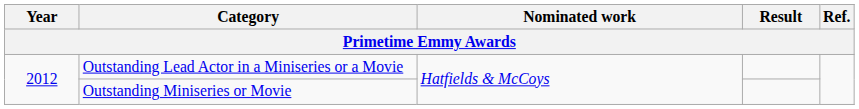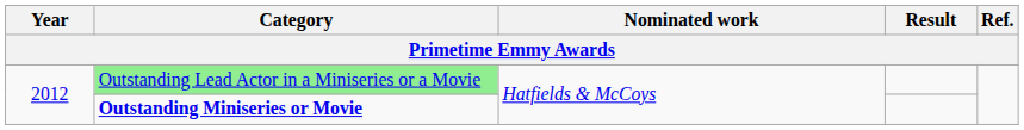 <table class=wikitable>
 <tr>
 <th scope="col" style="width:5em;">Year</th>
 <th scope="col" style="width:26em;">Category</th>
 <th scope="col" style="width:25em;">Nominated work</th>
 <th scope="col" style="width:5em;">Result</th>
 <th>Ref.</th>
 </tr>
 <tr>
 <th colspan=5><a href='#'>Primetime Emmy Awards</a></th>
 </tr>
 <tr>
 <td style="text-align:center;", rowspan="2"><a href='#'>2012</a></td>
-<td><a href='#'>Outstanding Lead Actor in a Miniseries or a Movie</a></td>
+<td style="background: lightgreen;"><a href='#'>Outstanding Lead Actor in a Miniseries or a Movie</a></td>
 <td rowspan="2"><em><a href='#'>Hatfields & McCoys</a></em></td>
 <td></td>
 <td rowspan="2"></td>
 </tr>
 <tr>
-<td><a href='#'>Outstanding Miniseries or Movie</a></td>
+<td><strong><a href='#'>Outstanding Miniseries or Movie</a></strong></td>
 <td></td>
 </tr>
 </table>
